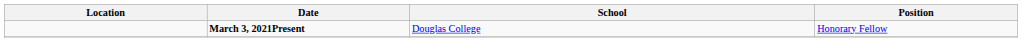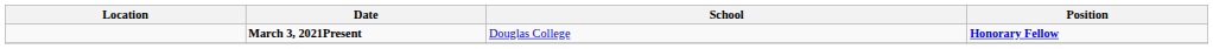 <table class="wikitable" style="width:100%;">
 <tr>
 <th style="width:20%;">Location</th>
 <th style="width:20%;">Date</th>
 <th style="width:40%;">School</th>
 <th style="width:20%;">Position</th>
 </tr>
 <tr>
 <td></td>
 <td><strong>March 3, 2021Present</strong></td>
 <td><a href='#'>Douglas College</a></td>
-<td><a href='#'>Honorary Fellow</a></td>
+<td><strong><a href='#'>Honorary Fellow</a></strong></td>
 </tr>
 <tr>
 </tr>
 </table>
